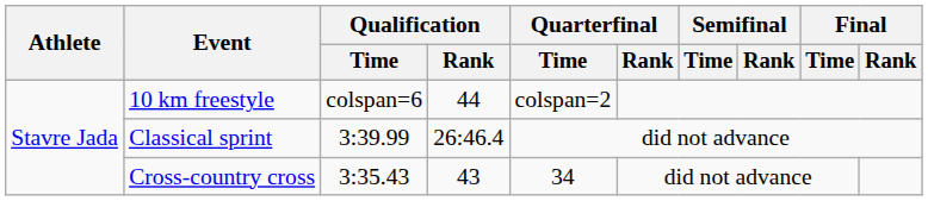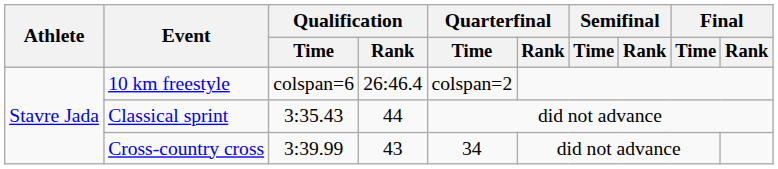 <table class="wikitable" style="font-size:90%">
 <tr>
 <th rowspan="2">Athlete</th>
 <th rowspan="2">Event</th>
 <th colspan="2">Qualification</th>
 <th colspan="2">Quarterfinal</th>
 <th colspan="2">Semifinal</th>
 <th colspan="2">Final</th>
 </tr>
 <tr style="font-size:95%">
 <th>Time</th>
 <th>Rank</th>
 <th>Time</th>
 <th>Rank</th>
 <th>Time</th>
 <th>Rank</th>
 <th>Time</th>
 <th>Rank</th>
 </tr>
 <tr align=center>
 <td align=left rowspan=3><a href='#'>Stavre Jada</a></td>
 <td align=left><a href='#'>10 km freestyle</a></td>
 <td>colspan=6 </td>
-<td>44</td>
+<td>26:46.4</td>
 <td>colspan=2 </td>
 </tr>
 <tr align=center>
 <td align=left><a href='#'>Classical sprint</a></td>
-<td>3:39.99</td>
-<td>26:46.4</td>
+<td>3:35.43</td>
+<td>44</td>
 <td colspan=6>did not advance</td>
 </tr>
 <tr align=center>
 <td align=left><a href='#'>Cross-country cross</a></td>
-<td>3:35.43</td>
+<td>3:39.99</td>
 <td>43</td>
 <td>34</td>
 <td colspan=4>did not advance</td>
 </tr>
 </table>
